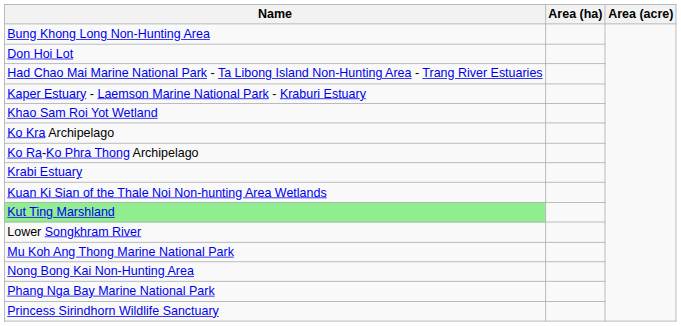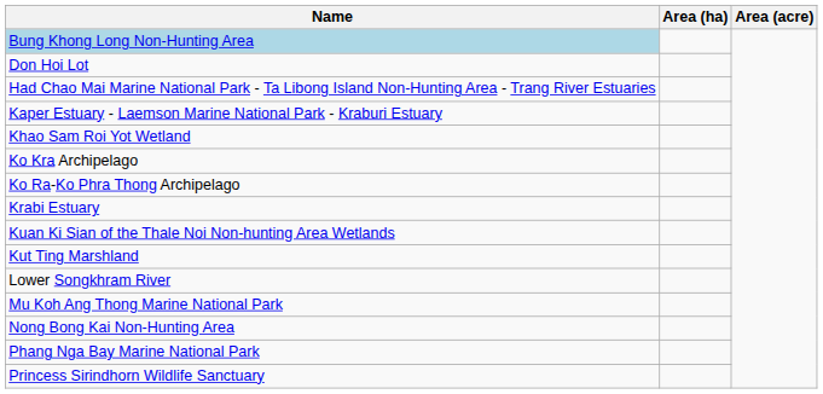 <table class="wikitable sortable">
 <tr>
 <th scope="col" align=left>Name</th>
 <th scope="col">Area (ha)</th>
 <th scope="col">Area (acre)</th>
 </tr>
 <tr ---->
-<td><a href='#'>Bung Khong Long Non-Hunting Area</a></td>
+<td style="background: lightblue;"><a href='#'>Bung Khong Long Non-Hunting Area</a></td>
 <td></td>
 </tr>
 <tr ---->
 <td><a href='#'>Don Hoi Lot</a></td>
 <td></td>
 </tr>
 <tr ---->
 <td><a href='#'>Had Chao Mai Marine National Park</a> - <a href='#'>Ta Libong Island Non-Hunting Area</a> - <a href='#'>Trang River Estuaries</a></td>
 <td></td>
 </tr>
 <tr ---->
 <td><a href='#'>Kaper Estuary</a> - <a href='#'>Laemson Marine National Park</a> - <a href='#'>Kraburi Estuary</a></td>
 <td></td>
 </tr>
 <tr ---->
 <td><a href='#'>Khao Sam Roi Yot Wetland</a></td>
 <td></td>
 </tr>
 <tr ---->
 <td><a href='#'>Ko Kra</a> Archipelago</td>
 <td></td>
 </tr>
 <tr ---->
 <td><a href='#'>Ko Ra</a>-<a href='#'>Ko Phra Thong</a> Archipelago</td>
 <td></td>
 </tr>
 <tr ---->
 <td><a href='#'>Krabi Estuary</a></td>
 <td></td>
 </tr>
 <tr ---->
 <td><a href='#'>Kuan Ki Sian of the Thale Noi Non-hunting Area Wetlands</a></td>
 <td></td>
 </tr>
 <tr ---->
-<td style="background: lightgreen;"><a href='#'>Kut Ting Marshland</a></td>
+<td><a href='#'>Kut Ting Marshland</a></td>
 <td></td>
 </tr>
 <tr ---->
 <td>Lower <a href='#'>Songkhram River</a></td>
 <td></td>
 </tr>
 <tr ---->
 <td><a href='#'>Mu Koh Ang Thong Marine National Park</a></td>
 <td></td>
 </tr>
 <tr ---->
 <td><a href='#'>Nong Bong Kai Non-Hunting Area</a></td>
 <td></td>
 </tr>
 <tr ---->
 <td><a href='#'>Phang Nga Bay Marine National Park</a></td>
 <td></td>
 </tr>
 <tr ---->
 <td><a href='#'>Princess Sirindhorn Wildlife Sanctuary </a></td>
 <td></td>
 </tr>
 </table>
